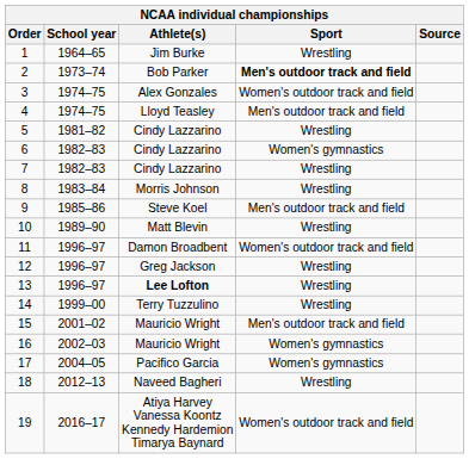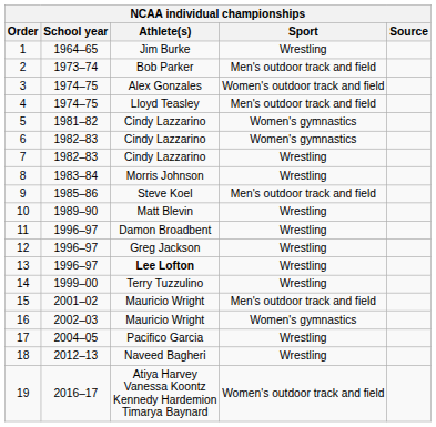 <table class="wikitable sortable" style="text-align:center">
 <tr align="center">
 <th colspan=5>NCAA individual championships</th>
 </tr>
 <tr>
 <th>Order</th>
 <th>School year</th>
 <th>Athlete(s)</th>
 <th>Sport</th>
 <th>Source</th>
 </tr>
 <tr align="center" bgcolor="">
 <td>1</td>
 <td>1964–65</td>
 <td>Jim Burke</td>
 <td>Wrestling</td>
 <td></td>
 </tr>
 <tr align="center" bgcolor="">
 <td>2</td>
 <td>1973–74</td>
 <td>Bob Parker</td>
-<td><strong>Men's outdoor track and field</strong></td>
+<td>Men's outdoor track and field</td>
 <td></td>
 </tr>
 <tr align="center" bgcolor="">
 <td>3</td>
 <td>1974–75</td>
 <td>Alex Gonzales</td>
 <td>Women's outdoor track and field</td>
 <td></td>
 </tr>
 <tr align="center" bgcolor="">
 <td>4</td>
 <td>1974–75</td>
 <td>Lloyd Teasley</td>
 <td>Men's outdoor track and field</td>
 <td></td>
 </tr>
 <tr align="center" bgcolor="">
 <td>5</td>
 <td>1981–82</td>
 <td>Cindy Lazzarino</td>
-<td>Wrestling</td>
+<td>Women's gymnastics</td>
 <td></td>
 </tr>
 <tr align="center" bgcolor="">
 <td>6</td>
 <td>1982–83</td>
 <td>Cindy Lazzarino</td>
 <td>Women's gymnastics</td>
 <td></td>
 </tr>
 <tr align="center" bgcolor="">
 <td>7</td>
 <td>1982–83</td>
 <td>Cindy Lazzarino</td>
 <td>Wrestling</td>
 <td></td>
 </tr>
 <tr align="center" bgcolor="">
 <td>8</td>
 <td>1983–84</td>
 <td>Morris Johnson</td>
 <td>Wrestling</td>
 <td></td>
 </tr>
 <tr align="center" bgcolor="">
 <td>9</td>
 <td>1985–86</td>
 <td>Steve Koel</td>
 <td>Men's outdoor track and field</td>
 <td></td>
 </tr>
 <tr align="center" bgcolor="">
 <td>10</td>
 <td>1989–90</td>
 <td>Matt Blevin</td>
 <td>Wrestling</td>
 <td></td>
 </tr>
 <tr align="center" bgcolor="">
 <td>11</td>
 <td>1996–97</td>
 <td>Damon Broadbent</td>
-<td>Women's outdoor track and field</td>
+<td>Wrestling</td>
 <td></td>
 </tr>
 <tr align="center" bgcolor="">
 <td>12</td>
 <td>1996–97</td>
 <td>Greg Jackson</td>
 <td>Wrestling</td>
 <td></td>
 </tr>
 <tr align="center" bgcolor="">
 <td>13</td>
 <td>1996–97</td>
 <td><strong>Lee Lofton</strong></td>
 <td>Wrestling</td>
 <td></td>
 </tr>
 <tr align="center" bgcolor="">
 <td>14</td>
 <td>1999–00</td>
 <td>Terry Tuzzulino</td>
 <td>Wrestling</td>
 <td></td>
 </tr>
 <tr align="center" bgcolor="">
 <td>15</td>
 <td>2001–02</td>
 <td>Mauricio Wright</td>
 <td>Men's outdoor track and field</td>
 <td></td>
 </tr>
 <tr align="center" bgcolor="">
 <td>16</td>
 <td>2002–03</td>
 <td>Mauricio Wright</td>
 <td>Women's gymnastics</td>
 <td></td>
 </tr>
 <tr align="center" bgcolor="">
 <td>17</td>
 <td>2004–05</td>
 <td>Pacifico Garcia</td>
-<td>Women's gymnastics</td>
+<td>Wrestling</td>
 <td></td>
 </tr>
 <tr align="center" bgcolor="">
 <td>18</td>
 <td>2012–13</td>
 <td>Naveed Bagheri</td>
 <td>Wrestling</td>
 <td></td>
 </tr>
 <tr align="center" bgcolor="">
 <td>19</td>
 <td>2016–17</td>
 <td>Atiya Harvey<br>Vanessa Koontz<br>Kennedy Hardemion<br>Timarya Baynard</td>
 <td>Women's outdoor track and field</td>
 <td></td>
 </tr>
 </table>
